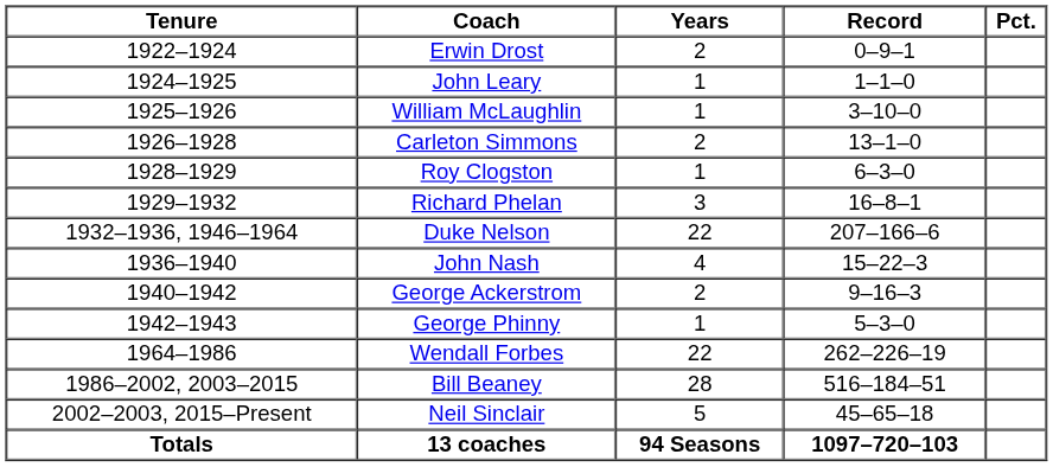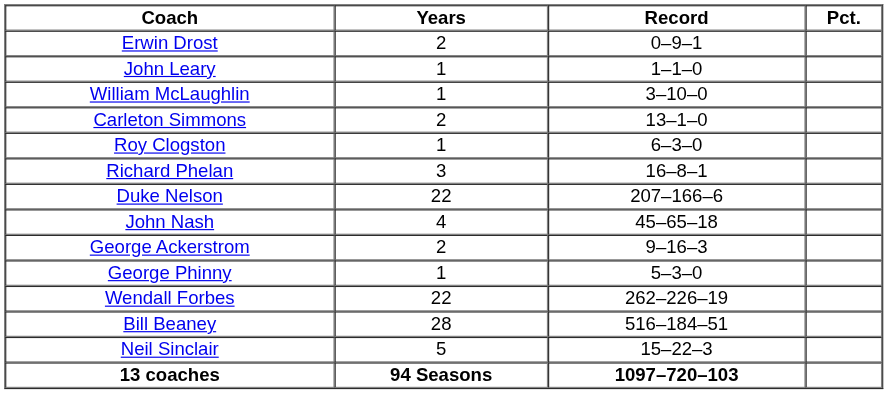 <table cellpadding="1" border="1" cellspacing="0" width="60%">
 <tr>
-<th>Tenure</th>
 <th>Coach</th>
 <th>Years</th>
 <th>Record</th>
 <th>Pct.</th>
 </tr>
 <tr align="center">
-<td>1922–1924</td>
 <td><a href='#'>Erwin Drost</a></td>
 <td>2</td>
 <td>0–9–1</td>
 <td></td>
 </tr>
 <tr align="center">
-<td>1924–1925</td>
 <td><a href='#'>John Leary</a></td>
 <td>1</td>
 <td>1–1–0</td>
 <td></td>
 </tr>
 <tr align="center">
-<td>1925–1926</td>
 <td><a href='#'>William McLaughlin</a></td>
 <td>1</td>
 <td>3–10–0</td>
 <td></td>
 </tr>
 <tr align="center">
-<td>1926–1928</td>
 <td><a href='#'>Carleton Simmons</a></td>
 <td>2</td>
 <td>13–1–0</td>
 <td></td>
 </tr>
 <tr align="center">
-<td>1928–1929</td>
 <td><a href='#'>Roy Clogston</a></td>
 <td>1</td>
 <td>6–3–0</td>
 <td></td>
 </tr>
 <tr align="center">
-<td>1929–1932</td>
 <td><a href='#'>Richard Phelan</a></td>
 <td>3</td>
 <td>16–8–1</td>
 <td></td>
 </tr>
 <tr align="center">
-<td>1932–1936, 1946–1964</td>
 <td><a href='#'>Duke Nelson</a></td>
 <td>22</td>
 <td>207–166–6</td>
 <td></td>
 </tr>
 <tr align="center">
-<td>1936–1940</td>
 <td><a href='#'>John Nash</a></td>
 <td>4</td>
-<td>15–22–3</td>
+<td>45–65–18</td>
 <td></td>
 </tr>
 <tr align="center">
-<td>1940–1942</td>
 <td><a href='#'>George Ackerstrom</a></td>
 <td>2</td>
 <td>9–16–3</td>
 <td></td>
 </tr>
 <tr align="center">
-<td>1942–1943</td>
 <td><a href='#'>George Phinny</a></td>
 <td>1</td>
 <td>5–3–0</td>
 <td></td>
 </tr>
 <tr align="center">
-<td>1964–1986</td>
 <td><a href='#'>Wendall Forbes</a></td>
 <td>22</td>
 <td>262–226–19</td>
 <td></td>
 </tr>
 <tr align="center">
-<td>1986–2002, 2003–2015</td>
 <td><a href='#'>Bill Beaney</a></td>
 <td>28</td>
 <td>516–184–51</td>
 <td></td>
 </tr>
 <tr align="center">
-<td>2002–2003, 2015–Present</td>
 <td><a href='#'>Neil Sinclair</a></td>
 <td>5</td>
-<td>45–65–18</td>
+<td>15–22–3</td>
 <td></td>
 </tr>
 <tr style="text-align:center">
-<th>Totals</th>
 <th>13 coaches</th>
 <th>94 Seasons</th>
 <th>1097–720–103</th>
 <th></th>
 </tr>
 </table>
